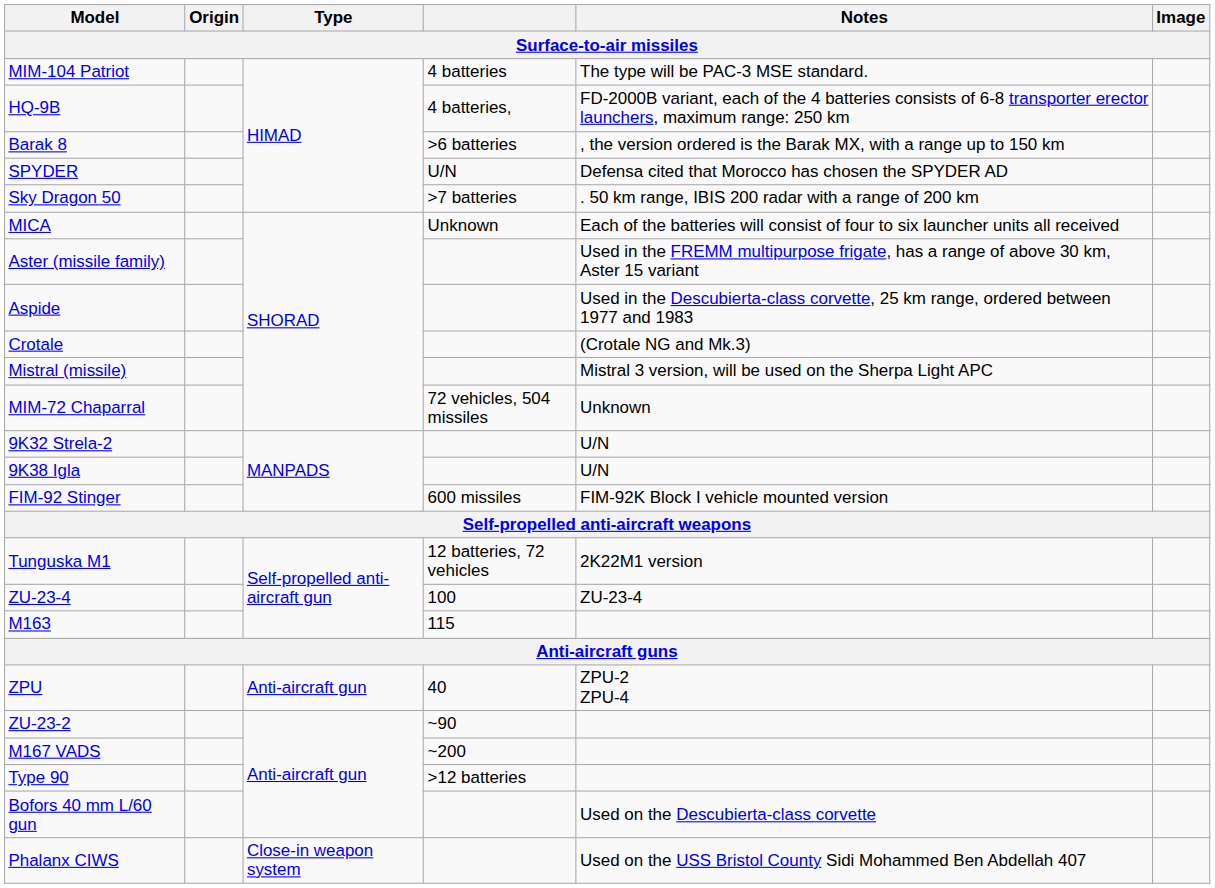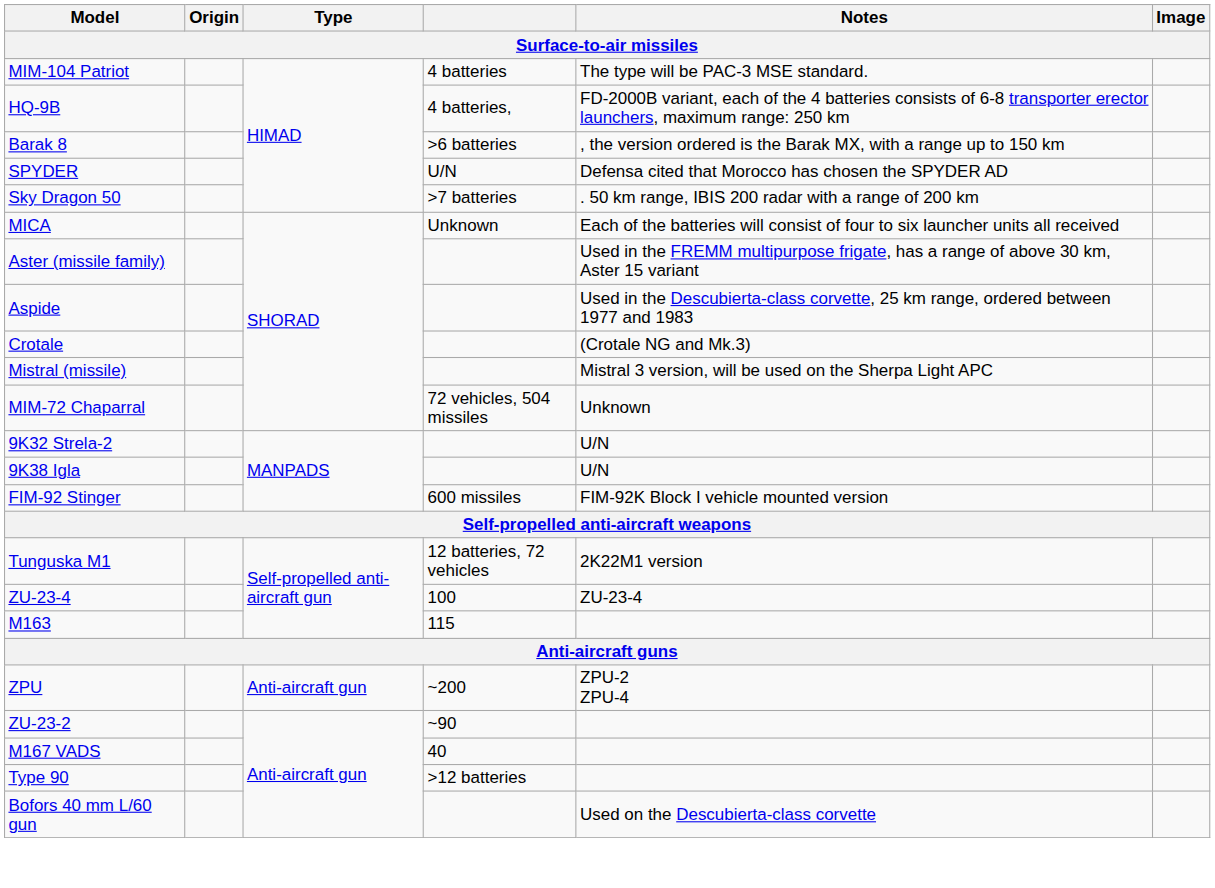 <table class="wikitable" width="90%">
 <tr>
 <th width="15%">Model</th>
 <th>Origin</th>
 <th width="15%">Type</th>
 <th></th>
 <th>Notes</th>
 <th>Image</th>
 </tr>
 <tr>
 <th colspan="6" style="align: center;"><a href='#'>Surface-to-air missiles</a></th>
 </tr>
 <tr>
 <td><a href='#'>MIM-104 Patriot</a></td>
 <td></td>
 <td rowspan="5"><a href='#'>HIMAD</a></td>
 <td>4 batteries</td>
 <td>The type will be PAC-3 MSE standard.</td>
 <td></td>
 </tr>
 <tr>
 <td><a href='#'>HQ-9B</a></td>
 <td></td>
 <td>4 batteries,</td>
 <td>FD-2000B variant, each of the 4 batteries consists of 6-8 <a href='#'>transporter erector launchers</a>, maximum range: 250 km</td>
 <td></td>
 </tr>
 <tr>
 <td><a href='#'>Barak 8</a></td>
 <td> <br> </td>
 <td>>6 batteries</td>
 <td>, the version ordered is the Barak MX, with a range up to 150 km</td>
 <td></td>
 </tr>
 <tr>
 <td><a href='#'>SPYDER</a></td>
 <td></td>
 <td>U/N</td>
 <td>Defensa cited that Morocco has chosen the SPYDER AD </td>
 <td></td>
 </tr>
 <tr>
 <td><a href='#'>Sky Dragon 50</a></td>
 <td></td>
 <td>>7 batteries</td>
 <td>. 50 km range, IBIS 200 radar with a range of 200 km</td>
 <td></td>
 </tr>
 <tr>
 <td><a href='#'>MICA</a></td>
 <td></td>
 <td rowspan="6"><a href='#'>SHORAD</a></td>
 <td>Unknown</td>
 <td>Each of the batteries will consist of four to six launcher units  all received</td>
 <td></td>
 </tr>
 <tr>
 <td><a href='#'>Aster (missile family)</a></td>
 <td> <br> </td>
 <td></td>
 <td>Used in the <a href='#'>FREMM multipurpose frigate</a>, has a range of above 30 km, Aster 15 variant</td>
 <td></td>
 </tr>
 <tr>
 <td><a href='#'>Aspide</a></td>
 <td></td>
 <td></td>
 <td>Used in the <a href='#'>Descubierta-class corvette</a>, 25 km range, ordered between 1977 and 1983</td>
 <td></td>
 </tr>
 <tr>
 <td><a href='#'>Crotale</a></td>
 <td></td>
 <td></td>
 <td>(Crotale NG and Mk.3)</td>
 <td></td>
 </tr>
 <tr>
 <td><a href='#'>Mistral (missile)</a></td>
 <td></td>
 <td></td>
 <td> Mistral 3 version, will be used on the Sherpa Light APC</td>
 <td></td>
 </tr>
 <tr>
 <td><a href='#'>MIM-72 Chaparral</a></td>
 <td></td>
 <td>72 vehicles, 504 missiles</td>
 <td>Unknown</td>
 <td></td>
 </tr>
 <tr>
 <td><a href='#'>9K32 Strela-2</a></td>
 <td></td>
 <td rowspan="3"><a href='#'>MANPADS</a></td>
 <td></td>
 <td>U/N</td>
 <td></td>
 </tr>
 <tr>
 <td><a href='#'>9K38 Igla</a></td>
 <td></td>
 <td></td>
 <td>U/N</td>
 <td></td>
 </tr>
 <tr>
 <td><a href='#'>FIM-92 Stinger</a></td>
 <td></td>
 <td>600 missiles </td>
 <td>FIM-92K Block I vehicle mounted version</td>
 <td></td>
 </tr>
 <tr>
 <th colspan="6" style="align: center;"><a href='#'>Self-propelled anti-aircraft weapons</a></th>
 </tr>
 <tr>
 <td><a href='#'>Tunguska M1</a></td>
 <td></td>
 <td rowspan="3"><a href='#'>Self-propelled anti-aircraft gun</a></td>
 <td>12 batteries, 72 vehicles</td>
 <td>2K22M1 version</td>
 <td></td>
 </tr>
 <tr>
 <td><a href='#'>ZU-23-4</a></td>
 <td></td>
 <td>100</td>
 <td>ZU-23-4</td>
 <td></td>
 </tr>
 <tr>
 <td><a href='#'>M163</a></td>
 <td></td>
 <td>115</td>
 <td></td>
 <td></td>
 </tr>
 <tr>
 <th colspan="6" style="align: center;"><a href='#'>Anti-aircraft guns</a></th>
 </tr>
 <tr>
 <td><a href='#'>ZPU</a></td>
 <td></td>
 <td><a href='#'>Anti-aircraft gun</a></td>
-<td>40</td>
+<td>~200</td>
 <td>ZPU-2<br>ZPU-4</td>
 <td></td>
 </tr>
 <tr>
 <td><a href='#'>ZU-23-2</a></td>
 <td></td>
 <td rowspan="4"><a href='#'>Anti-aircraft gun</a></td>
 <td>~90</td>
 <td></td>
 <td></td>
 </tr>
 <tr>
 <td><a href='#'>M167 VADS</a><br></td>
 <td></td>
-<td>~200</td>
+<td>40</td>
 <td></td>
 <td></td>
 </tr>
 <tr>
 <td><a href='#'>Type 90</a></td>
 <td></td>
 <td>>12 batteries</td>
 <td></td>
 <td></td>
 </tr>
 <tr>
 <td><a href='#'>Bofors 40 mm L/60 gun</a></td>
 <td></td>
 <td></td>
 <td>Used on the <a href='#'>Descubierta-class corvette</a></td>
 <td></td>
 </tr>
-<tr>
-<td><a href='#'>Phalanx CIWS</a></td>
-<td></td>
-<td><a href='#'>Close-in weapon system</a></td>
-<td></td>
-<td>Used on the <a href='#'>USS Bristol County</a> Sidi Mohammed Ben Abdellah 407</td>
-<td></td>
-</tr>
 </table>
